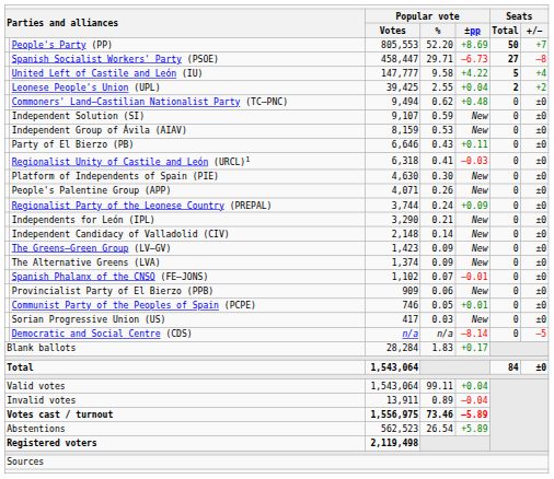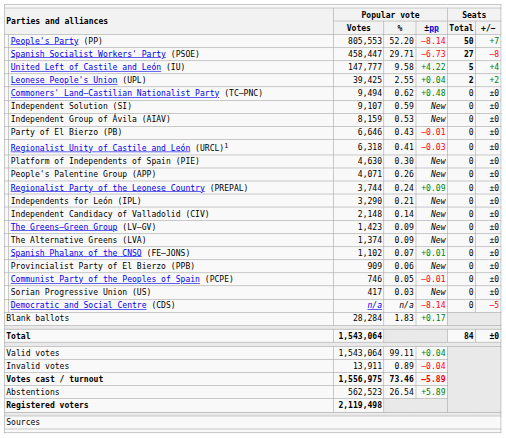 <table class="wikitable" style="text-align:right;">
 <tr>
 <td colspan="7"></td>
 </tr>
 <tr>
 <th style="text-align:left;" rowspan="2" colspan="2" width="525">Parties and alliances</th>
 <th colspan="3">Popular vote</th>
 <th colspan="2">Seats</th>
 </tr>
 <tr>
 <th width="75">Votes</th>
 <th width="45">%</th>
 <th width="45">±<a href='#'>pp</a></th>
 <th width="35">Total</th>
 <th width="35">+/−</th>
 </tr>
 <tr>
 <td width="1" style="color:inherit;background:"></td>
 <td align="left"><a href='#'>People's Party</a> (PP)</td>
 <td>805,553</td>
 <td>52.20</td>
-<td style="color:green;">+8.69</td>
+<td style="color:red;">–8.14</td>
 <td><strong>50</strong></td>
 <td style="color:green;">+7</td>
 </tr>
 <tr>
 <td style="color:inherit;background:"></td>
 <td align="left"><a href='#'>Spanish Socialist Workers' Party</a> (PSOE)</td>
 <td>458,447</td>
 <td>29.71</td>
 <td style="color:red;">–6.73</td>
 <td><strong>27</strong></td>
 <td style="color:red;">–8</td>
 </tr>
 <tr>
 <td style="color:inherit;background:"></td>
 <td align="left"><a href='#'>United Left of Castile and León</a> (IU)</td>
 <td>147,777</td>
 <td>9.58</td>
 <td style="color:green;">+4.22</td>
 <td><strong>5</strong></td>
 <td style="color:green;">+4</td>
 </tr>
 <tr>
 <td style="color:inherit;background:"></td>
 <td align="left"><a href='#'>Leonese People's Union</a> (UPL)</td>
 <td>39,425</td>
 <td>2.55</td>
 <td style="color:green;">+0.04</td>
 <td><strong>2</strong></td>
 <td style="color:green;">+2</td>
 </tr>
 <tr>
 <td style="color:inherit;background:"></td>
 <td align="left"><a href='#'>Commoners' Land–Castilian Nationalist Party</a> (TC–PNC)</td>
 <td>9,494</td>
 <td>0.62</td>
 <td style="color:green;">+0.48</td>
 <td>0</td>
 <td>±0</td>
 </tr>
 <tr>
 <td style="color:inherit;background:"></td>
 <td align="left">Independent Solution (SI)</td>
 <td>9,107</td>
 <td>0.59</td>
 <td><em>New</em></td>
 <td>0</td>
 <td>±0</td>
 </tr>
 <tr>
 <td style="color:inherit;background:"></td>
 <td align="left">Independent Group of Ávila (AIAV)</td>
 <td>8,159</td>
 <td>0.53</td>
 <td><em>New</em></td>
 <td>0</td>
 <td>±0</td>
 </tr>
 <tr>
 <td style="color:inherit;background:"></td>
 <td align="left">Party of El Bierzo (PB)</td>
 <td>6,646</td>
 <td>0.43</td>
-<td style="color:green;">+0.11</td>
+<td style="color:red;">–0.01</td>
 <td>0</td>
 <td>±0</td>
 </tr>
 <tr>
 <td style="color:inherit;background:"></td>
 <td align="left"><a href='#'>Regionalist Unity of Castile and León</a> (URCL)<sup>1</sup></td>
 <td>6,318</td>
 <td>0.41</td>
 <td style="color:red;">–0.03</td>
 <td>0</td>
 <td>±0</td>
 </tr>
 <tr>
 <td style="color:inherit;background:"></td>
 <td align="left">Platform of Independents of Spain (PIE)</td>
 <td>4,630</td>
 <td>0.30</td>
 <td><em>New</em></td>
 <td>0</td>
 <td>±0</td>
 </tr>
 <tr>
 <td style="color:inherit;background:"></td>
 <td align="left">People's Palentine Group (APP)</td>
 <td>4,071</td>
 <td>0.26</td>
 <td><em>New</em></td>
 <td>0</td>
 <td>±0</td>
 </tr>
 <tr>
 <td style="color:inherit;background:"></td>
 <td align="left"><a href='#'>Regionalist Party of the Leonese Country</a> (PREPAL)</td>
 <td>3,744</td>
 <td>0.24</td>
 <td style="color:green;">+0.09</td>
 <td>0</td>
 <td>±0</td>
 </tr>
 <tr>
 <td style="color:inherit;background:"></td>
 <td align="left">Independents for León (IPL)</td>
 <td>3,290</td>
 <td>0.21</td>
 <td><em>New</em></td>
 <td>0</td>
 <td>±0</td>
 </tr>
 <tr>
 <td style="color:inherit;background:"></td>
 <td align="left">Independent Candidacy of Valladolid (CIV)</td>
 <td>2,148</td>
 <td>0.14</td>
 <td><em>New</em></td>
 <td>0</td>
 <td>±0</td>
 </tr>
 <tr>
 <td style="color:inherit;background:"></td>
 <td align="left"><a href='#'>The Greens–Green Group</a> (LV–GV)</td>
 <td>1,423</td>
 <td>0.09</td>
 <td><em>New</em></td>
 <td>0</td>
 <td>±0</td>
 </tr>
 <tr>
 <td style="color:inherit;background:"></td>
 <td align="left">The Alternative Greens (LVA)</td>
 <td>1,374</td>
 <td>0.09</td>
 <td><em>New</em></td>
 <td>0</td>
 <td>±0</td>
 </tr>
 <tr>
 <td style="color:inherit;background:"></td>
 <td align="left"><a href='#'>Spanish Phalanx of the CNSO</a> (FE–JONS)</td>
 <td>1,102</td>
 <td>0.07</td>
-<td style="color:red;">–0.01</td>
+<td style="color:green;">+0.01</td>
 <td>0</td>
 <td>±0</td>
 </tr>
 <tr>
 <td bgcolor="white"></td>
 <td align="left">Provincialist Party of El Bierzo (PPB)</td>
 <td>909</td>
 <td>0.06</td>
 <td><em>New</em></td>
 <td>0</td>
 <td>±0</td>
 </tr>
 <tr>
 <td style="color:inherit;background:"></td>
 <td align="left"><a href='#'>Communist Party of the Peoples of Spain</a> (PCPE)</td>
 <td>746</td>
 <td>0.05</td>
-<td style="color:green;">+0.01</td>
+<td style="color:red;">–0.01</td>
 <td>0</td>
 <td>±0</td>
 </tr>
 <tr>
 <td bgcolor="white"></td>
 <td align="left">Sorian Progressive Union (US)</td>
 <td>417</td>
 <td>0.03</td>
 <td><em>New</em></td>
 <td>0</td>
 <td>±0</td>
 </tr>
 <tr>
 <td style="color:inherit;background:"></td>
 <td align="left"><a href='#'>Democratic and Social Centre</a> (CDS)</td>
 <td><em><a href='#'>n/a</a></em></td>
 <td><em>n/a</em></td>
 <td style="color:red;">–8.14</td>
 <td>0</td>
 <td style="color:red;">–5</td>
 </tr>
 <tr>
 <td align="left" colspan="2">Blank ballots</td>
 <td>28,284</td>
 <td>1.83</td>
 <td style="color:green;">+0.17</td>
 <td bgcolor="#E9E9E9" colspan="2"></td>
 </tr>
 <tr>
 <td colspan="7" bgcolor="#E9E9E9"></td>
 </tr>
 <tr style="font-weight:bold;">
 <td align="left" colspan="2">Total</td>
 <td>1,543,064</td>
 <td bgcolor="#E9E9E9" colspan="2"></td>
 <td>84</td>
 <td>±0</td>
 </tr>
 <tr>
 <td colspan="7" bgcolor="#E9E9E9"></td>
 </tr>
 <tr>
 <td align="left" colspan="2">Valid votes</td>
 <td>1,543,064</td>
 <td>99.11</td>
 <td style="color:green;">+0.04</td>
 <td bgcolor="#E9E9E9" colspan="2" rowspan="5"></td>
 </tr>
 <tr>
 <td align="left" colspan="2">Invalid votes</td>
 <td>13,911</td>
 <td>0.89</td>
 <td style="color:red;">–0.04</td>
 </tr>
 <tr style="font-weight:bold;">
 <td align="left" colspan="2">Votes cast / turnout</td>
 <td>1,556,975</td>
 <td>73.46</td>
 <td style="color:red;">–5.89</td>
 </tr>
 <tr>
 <td align="left" colspan="2">Abstentions</td>
 <td>562,523</td>
 <td>26.54</td>
 <td style="color:green;">+5.89</td>
 </tr>
 <tr style="font-weight:bold;">
 <td align="left" colspan="2">Registered voters</td>
 <td>2,119,498</td>
 <td bgcolor="#E9E9E9" colspan="2"></td>
 </tr>
 <tr>
 <td colspan="7" bgcolor="#E9E9E9"></td>
 </tr>
 <tr>
 <td align="left" colspan="7">Sources</td>
 </tr>
 <tr>
 <td colspan="7" style="text-align:left; max-width:790px;"></td>
 </tr>
 </table>
